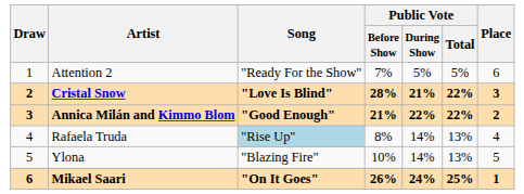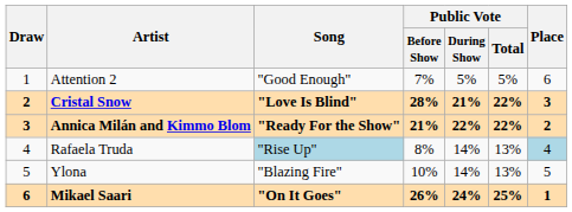 <table class="sortable wikitable" style="margin: 1em auto 1em auto; text-align:center;">
 <tr>
 <th rowspan="2">Draw</th>
 <th rowspan="2">Artist</th>
 <th rowspan="2">Song</th>
 <th colspan="3" class="unsortable">Public Vote</th>
 <th rowspan="2">Place</th>
 </tr>
 <tr>
 <th><small>Before<br>Show</small></th>
 <th><small>During<br>Show</small></th>
 <th>Total</th>
 </tr>
 <tr>
 <td>1</td>
 <td align="left">Attention 2</td>
-<td align="left">"Ready For the Show"</td>
+<td align="left">"Good Enough"</td>
 <td>7%</td>
 <td>5%</td>
 <td>5%</td>
 <td>6</td>
 </tr>
 <tr style="font-weight:bold; background:navajowhite;">
 <td>2</td>
 <td align="left"><a href='#'>Cristal Snow</a></td>
 <td align="left">"Love Is Blind"</td>
 <td>28%</td>
 <td>21%</td>
 <td>22%</td>
 <td>3</td>
 </tr>
 <tr style="font-weight:bold; background:navajowhite;">
 <td>3</td>
 <td align="left">Annica Milán and <a href='#'>Kimmo Blom</a></td>
-<td align="left">"Good Enough"</td>
+<td align="left">"Ready For the Show"</td>
 <td>21%</td>
 <td>22%</td>
 <td>22%</td>
 <td>2</td>
 </tr>
 <tr>
 <td>4</td>
 <td align="left">Rafaela Truda</td>
 <td align="left" style="background: lightblue;">"Rise Up"</td>
 <td>8%</td>
 <td>14%</td>
 <td>13%</td>
-<td>4</td>
+<td style="background: lightblue;">4</td>
 </tr>
 <tr>
 <td>5</td>
 <td align="left">Ylona</td>
 <td align="left">"Blazing Fire"</td>
 <td>10%</td>
 <td>14%</td>
 <td>13%</td>
 <td>5</td>
 </tr>
 <tr style="font-weight:bold; background:navajowhite;">
 <td>6</td>
 <td align="left">Mikael Saari</td>
 <td align="left">"On It Goes"</td>
 <td>26%</td>
 <td>24%</td>
 <td>25%</td>
 <td>1</td>
 </tr>
 </table>
